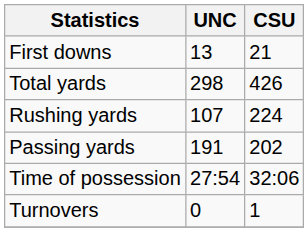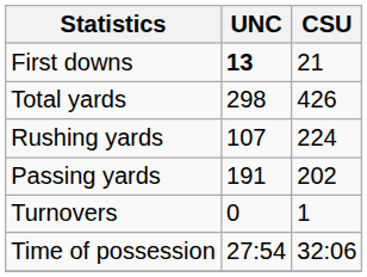 <table class="wikitable" style="float: left;">
 <tr>
 <th>Statistics</th>
 <th>UNC</th>
 <th>CSU</th>
 </tr>
 <tr>
 <td>First downs</td>
-<td>13</td>
+<td><strong>13</strong></td>
 <td>21</td>
 </tr>
 <tr>
 <td>Total yards</td>
 <td>298</td>
 <td>426</td>
 </tr>
 <tr>
 <td>Rushing yards</td>
 <td>107</td>
 <td>224</td>
 </tr>
 <tr>
 <td>Passing yards</td>
 <td>191</td>
 <td>202</td>
 </tr>
 <tr>
+<td>Turnovers</td>
+<td>0</td>
+<td>1</td>
+</tr>
+<tr>
 <td>Time of possession</td>
 <td>27:54</td>
 <td>32:06</td>
 </tr>
 <tr>
-<td>Turnovers</td>
-<td>0</td>
-<td>1</td>
-</tr>
-<tr>
 </tr>
 </table>
